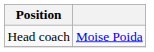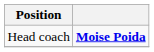 <table class="wikitable">
 <tr>
 <th>Position</th>
 <th></th>
 </tr>
 <tr>
 <td>Head coach</td>
-<td> <a href='#'>Moise Poida</a></td>
+<td><strong> <a href='#'>Moise Poida</a></strong></td>
 </tr>
 <tr>
 </tr>
 </table>
